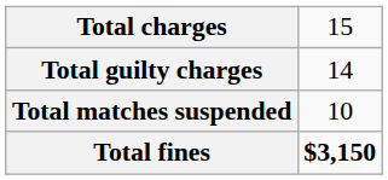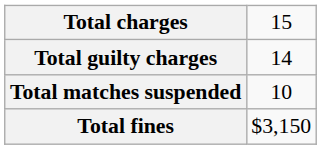 <table class="wikitable plainrowheaders" style="float: right;">
 <tr>
 <th scope="row">Total charges</th>
 <td align=center>15</td>
 </tr>
 <tr>
 <th scope="row">Total guilty charges</th>
 <td align=center>14</td>
 </tr>
 <tr>
 <th scope="row">Total matches suspended</th>
 <td align=center>10</td>
 </tr>
 <tr>
 <th scope="row">Total fines</th>
-<td align=center><strong>$3,150</strong></td>
+<td align=center>$3,150</td>
 </tr>
 </table>
